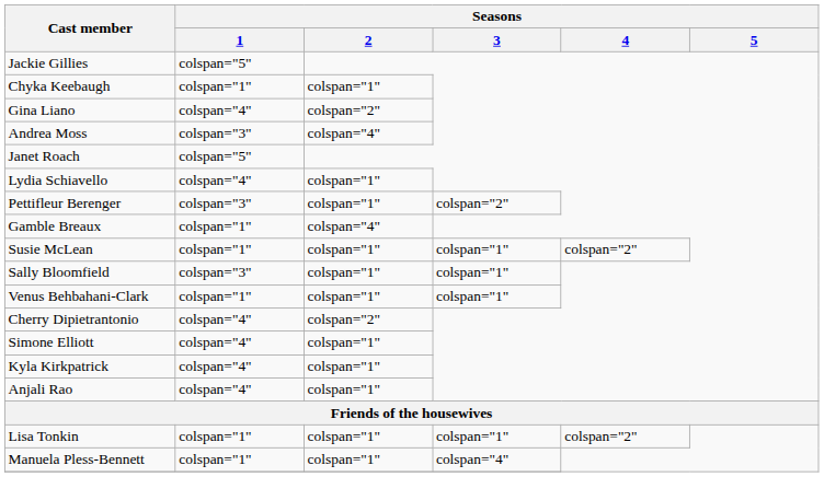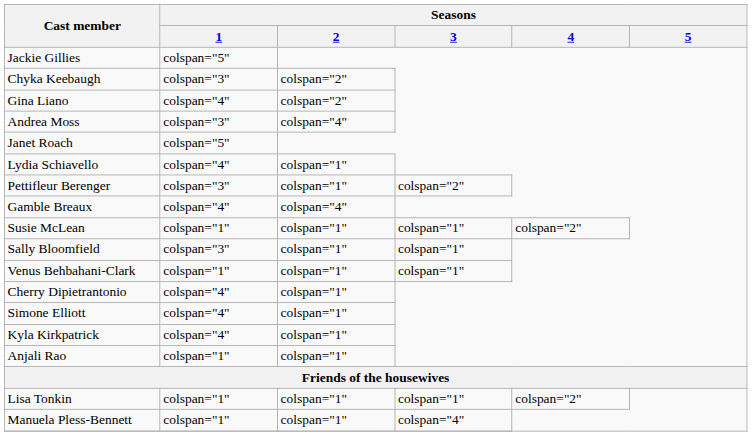 <table class="wikitable plainrowheaders" width="70%">
 <tr>
 <th rowspan="2" style="width:5%;">Cast member</th>
 <th colspan="5">Seasons</th>
 </tr>
 <tr>
 <th style="width:10%;"><a href='#'>1</a></th>
 <th style="width:10%;"><a href='#'>2</a></th>
 <th style="width:10%;"><a href='#'>3</a></th>
 <th style="width:10%;"><a href='#'>4</a></th>
 <th style="width:10%;"><a href='#'>5</a></th>
 </tr>
 <tr>
 <td>Jackie Gillies</td>
 <td>colspan="5" </td>
 </tr>
 <tr>
 <td>Chyka Keebaugh</td>
-<td>colspan="1" </td>
-<td>colspan="1" </td>
+<td>colspan="3" </td>
+<td>colspan="2" </td>
 </tr>
 <tr>
 <td>Gina Liano</td>
 <td>colspan="4" </td>
 <td>colspan="2" </td>
 </tr>
 <tr>
 <td>Andrea Moss</td>
 <td>colspan="3" </td>
 <td>colspan="4" </td>
 </tr>
 <tr>
 <td>Janet Roach</td>
 <td>colspan="5" </td>
 </tr>
 <tr>
 <td>Lydia Schiavello</td>
 <td>colspan="4" </td>
 <td>colspan="1" </td>
 </tr>
 <tr>
 <td>Pettifleur Berenger</td>
 <td>colspan="3" </td>
 <td>colspan="1" </td>
 <td>colspan="2" </td>
 </tr>
 <tr>
 <td>Gamble Breaux</td>
-<td>colspan="1" </td>
+<td>colspan="4" </td>
 <td>colspan="4" </td>
 </tr>
 <tr>
 <td>Susie McLean</td>
 <td>colspan="1" </td>
 <td>colspan="1" </td>
 <td>colspan="1" </td>
 <td>colspan="2" </td>
 </tr>
 <tr>
 <td>Sally Bloomfield</td>
 <td>colspan="3" </td>
 <td>colspan="1" </td>
 <td>colspan="1" </td>
 </tr>
 <tr>
 <td nowrap>Venus Behbahani-Clark</td>
 <td>colspan="1" </td>
 <td>colspan="1" </td>
 <td>colspan="1" </td>
 </tr>
 <tr>
 <td>Cherry Dipietrantonio</td>
 <td>colspan="4" </td>
-<td>colspan="2" </td>
+<td>colspan="1" </td>
 </tr>
 <tr>
 <td>Simone Elliott</td>
 <td>colspan="4" </td>
 <td>colspan="1" </td>
 </tr>
 <tr>
 <td>Kyla Kirkpatrick</td>
 <td>colspan="4" </td>
 <td>colspan="1" </td>
 </tr>
 <tr>
 <td>Anjali Rao</td>
-<td>colspan="4" </td>
+<td>colspan="1" </td>
 <td>colspan="1" </td>
 </tr>
 <tr>
 <th scope="col" colspan="9" style="width:25%;">Friends of the housewives</th>
 </tr>
 <tr>
 <td>Lisa Tonkin</td>
 <td>colspan="1" </td>
 <td>colspan="1" </td>
 <td>colspan="1" </td>
 <td>colspan="2" </td>
 </tr>
 <tr>
 <td nowrap="">Manuela Pless-Bennett</td>
 <td>colspan="1" </td>
 <td>colspan="1" </td>
 <td>colspan="4" </td>
 </tr>
 <tr>
 </tr>
 </table>
